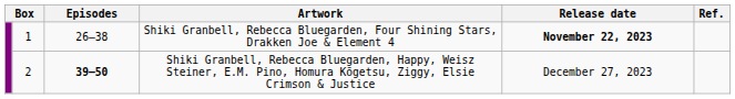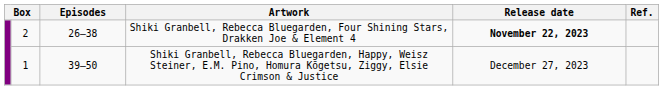 <table class="wikitable" style="text-align: center; width: 70%;">
 <tr>
 <th colspan="2">Box</th>
 <th>Episodes</th>
 <th width="50%">Artwork</th>
 <th>Release date</th>
 <th width="5%">Ref.</th>
 </tr>
 <tr>
 <td rowspan="2" width="1%" style="background: #800080;"></td>
-<td>1</td>
+<td>2</td>
 <td>26–38</td>
 <td>Shiki Granbell, Rebecca Bluegarden, Four Shining Stars, Drakken Joe & Element 4</td>
 <td><strong>November 22, 2023</strong></td>
 <td></td>
 </tr>
 <tr>
-<td>2</td>
-<td><strong>39–50</strong></td>
+<td>1</td>
+<td>39–50</td>
 <td>Shiki Granbell, Rebecca Bluegarden, Happy, Weisz Steiner, E.M. Pino, Homura Kōgetsu, Ziggy, Elsie Crimson & Justice</td>
 <td>December 27, 2023</td>
 <td></td>
 </tr>
 </table>
